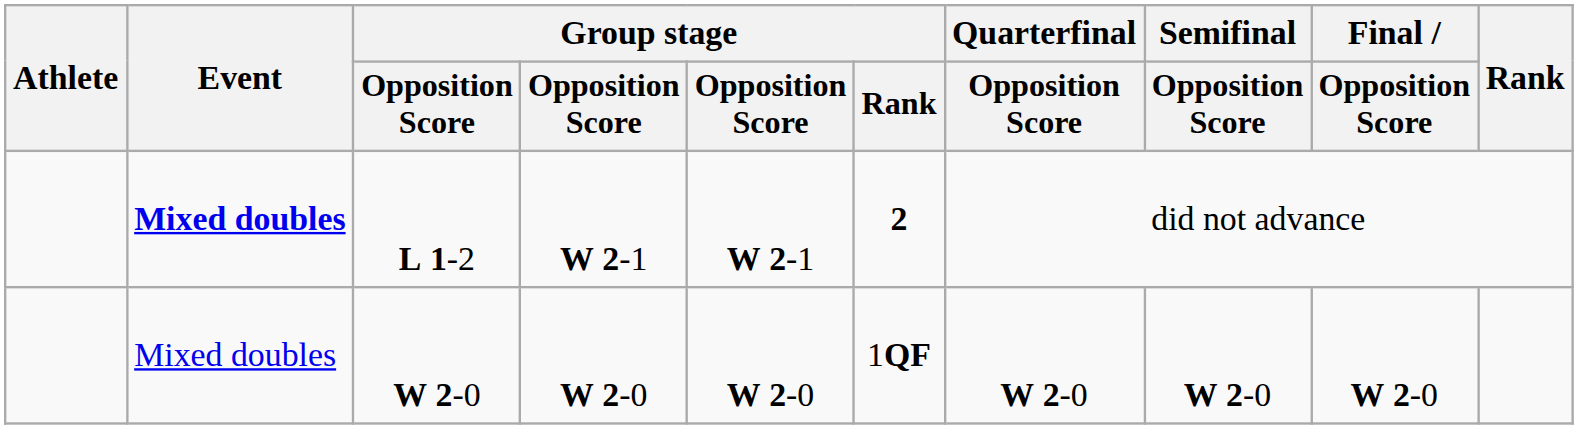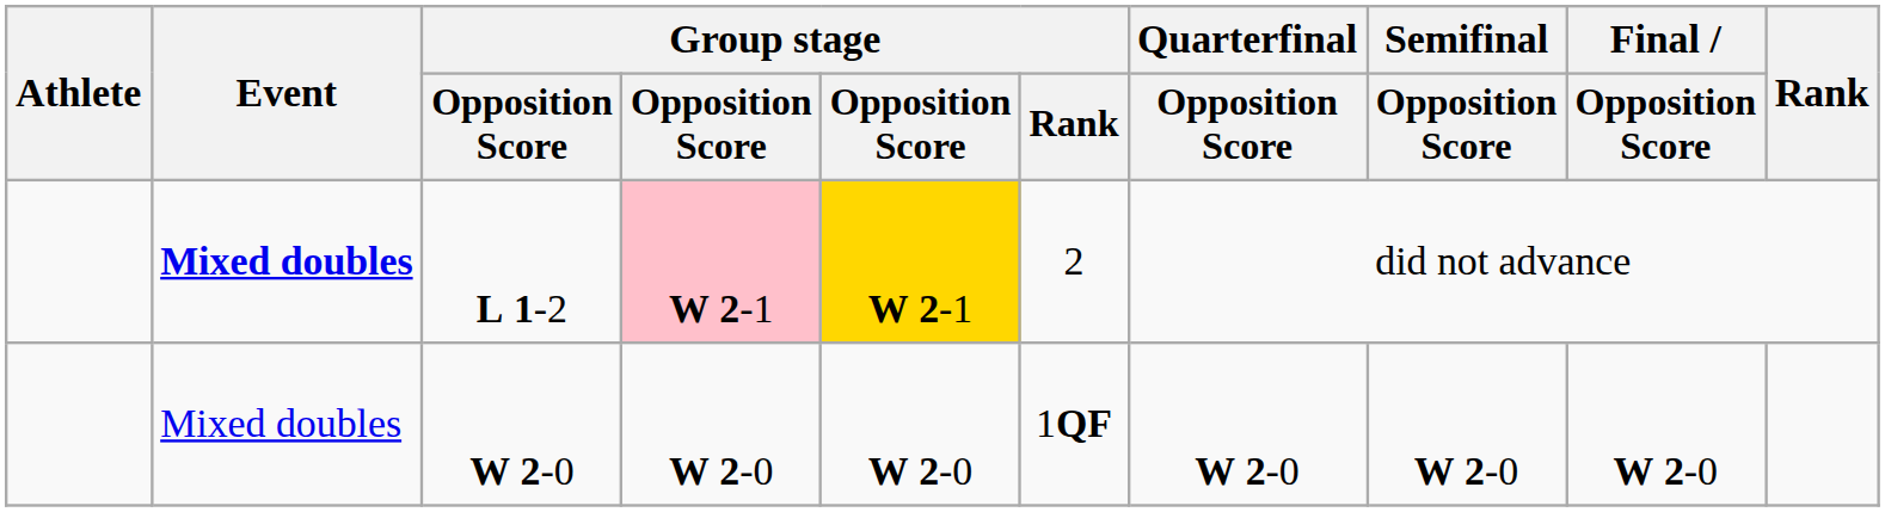 <table class="wikitable" style="font-size:90%">
 <tr>
 <th rowspan=2>Athlete</th>
 <th rowspan=2>Event</th>
 <th colspan=4>Group stage</th>
 <th>Quarterfinal</th>
 <th>Semifinal</th>
 <th>Final / </th>
 <th rowspan=2>Rank</th>
 </tr>
 <tr style="font-size:95%">
 <th>Opposition<br>Score</th>
 <th>Opposition<br>Score</th>
 <th>Opposition<br>Score</th>
 <th>Rank</th>
 <th>Opposition<br>Score</th>
 <th>Opposition<br>Score</th>
 <th>Opposition<br>Score</th>
 </tr>
 <tr align=center>
 <td align=left><br></td>
 <td align=left><strong><a href='#'>Mixed doubles</a></strong></td>
 <td><small><br></small> <br> <strong>L</strong> <strong>1</strong>-2</td>
-<td><small><br></small> <br> <strong>W</strong> <strong>2</strong>-1</td>
-<td><small><br></small> <br> <strong>W</strong> <strong>2</strong>-1</td>
-<td><strong>2</strong></td>
+<td style="background: pink;"><small><br></small> <br> <strong>W</strong> <strong>2</strong>-1</td>
+<td style="background: gold;"><small><br></small> <br> <strong>W</strong> <strong>2</strong>-1</td>
+<td>2</td>
 <td colspan=4>did not advance</td>
 </tr>
 <tr align=center>
 <td align=left><br></td>
 <td align=left><a href='#'>Mixed doubles</a></td>
 <td><small><br></small> <br> <strong>W</strong> <strong>2</strong>-0</td>
 <td><small><br></small> <br> <strong>W</strong> <strong>2</strong>-0</td>
 <td><small><br></small> <br> <strong>W</strong> <strong>2</strong>-0</td>
 <td>1<strong>QF</strong></td>
 <td><small><br></small> <br> <strong>W</strong> <strong>2</strong>-0</td>
 <td><small><br></small> <br> <strong>W</strong> <strong>2</strong>-0</td>
 <td><small><br></small> <br> <strong>W</strong> <strong>2</strong>-0</td>
 <td></td>
 </tr>
 </table>
